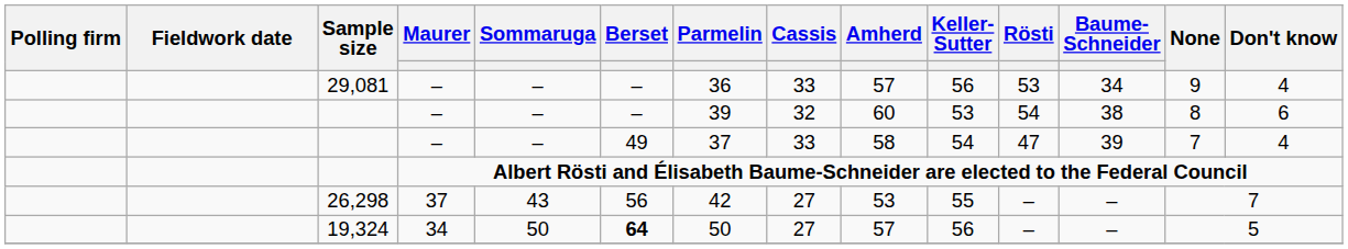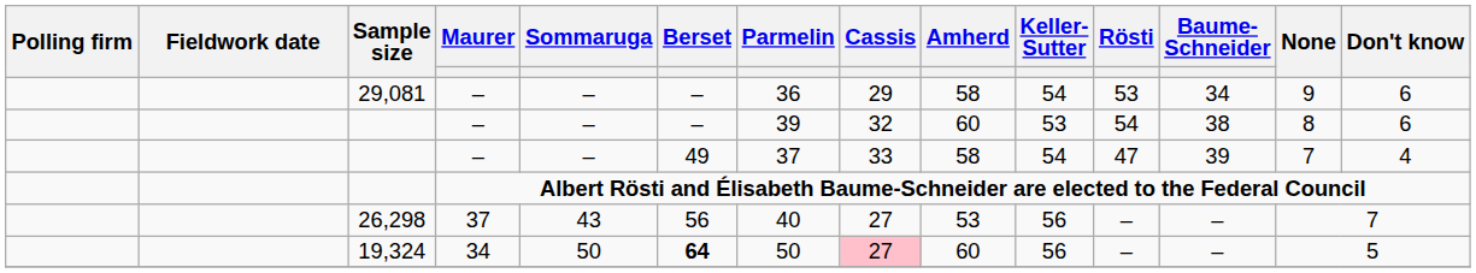 <table class="wikitable" style="text-align:center;font-size:90%;line-height:14px;">
 <tr style="height:40px;">
 <th style="width:80px;" rowspan="2">Polling firm</th>
 <th style="width:130px;" rowspan="2">Fieldwork date</th>
 <th style="width:35px;" rowspan="2">Sample<br>size</th>
 <th><a href='#'>Maurer</a><br></th>
 <th><a href='#'>Sommaruga</a><br></th>
 <th><a href='#'>Berset</a><br></th>
 <th><a href='#'>Parmelin</a><br></th>
 <th><a href='#'>Cassis</a><br></th>
 <th><a href='#'>Amherd</a><br></th>
 <th><a href='#'>Keller-<br>Sutter</a><br></th>
 <th><a href='#'>Rösti</a><br></th>
 <th><a href='#'>Baume-<br>Schneider</a><br></th>
 <th rowspan=2>None</th>
 <th rowspan=2>Don't know</th>
 </tr>
 <tr>
 <th style="background:"></th>
 <th style="background:"></th>
 <th style="background:"></th>
 <th style="background:"></th>
 <th style="background:"></th>
 <th style="background:"></th>
 <th style="background:"></th>
 <th style="background:"></th>
 <th style="background:"></th>
 </tr>
 <tr>
 <td></td>
 <td></td>
 <td>29,081</td>
 <td>–</td>
 <td>–</td>
 <td>–</td>
 <td>36</td>
-<td>33</td>
-<td>57</td>
-<td>56</td>
+<td>29</td>
+<td>58</td>
+<td>54</td>
 <td>53</td>
 <td>34</td>
 <td>9</td>
-<td>4</td>
+<td>6</td>
 </tr>
 <tr>
 <td></td>
 <td></td>
 <td></td>
 <td>–</td>
 <td>–</td>
 <td>–</td>
 <td>39</td>
 <td>32</td>
 <td>60</td>
 <td>53</td>
 <td>54</td>
 <td>38</td>
 <td>8</td>
 <td>6</td>
 </tr>
 <tr>
 <td></td>
 <td></td>
 <td></td>
 <td>–</td>
 <td>–</td>
 <td>49</td>
 <td>37</td>
 <td>33</td>
 <td>58</td>
 <td>54</td>
 <td>47</td>
 <td>39</td>
 <td>7</td>
 <td>4</td>
 </tr>
 <tr>
 <td></td>
 <td></td>
 <td></td>
 <td colspan=11><strong>Albert Rösti and Élisabeth Baume-Schneider are elected to the Federal Council</strong></td>
 </tr>
 <tr>
 <td></td>
 <td></td>
 <td>26,298</td>
 <td>37</td>
 <td>43</td>
 <td>56</td>
-<td>42</td>
+<td>40</td>
 <td>27</td>
 <td>53</td>
-<td>55</td>
+<td>56</td>
 <td>–</td>
 <td>–</td>
 <td colspan=2>7</td>
 </tr>
 <tr>
 <td></td>
 <td></td>
 <td>19,324</td>
 <td>34</td>
 <td>50</td>
 <td><strong>64</strong></td>
 <td>50</td>
-<td>27</td>
-<td>57</td>
+<td style="background: pink;">27</td>
+<td>60</td>
 <td>56</td>
 <td>–</td>
 <td>–</td>
 <td colspan=2>5</td>
 </tr>
 <tr>
 </tr>
 </table>
